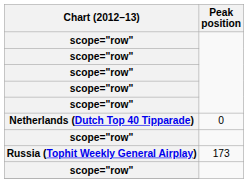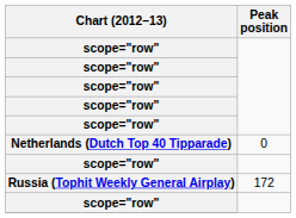 <table class="wikitable plainrowheaders sortable" style="text-align:left;">
 <tr>
 <th scope="col">Chart (2012–13)</th>
 <th scope="col">Peak<br>position</th>
 </tr>
 <tr>
 <th>scope="row"</th>
 </tr>
 <tr>
 <th>scope="row"</th>
 </tr>
 <tr>
 <th>scope="row"</th>
 </tr>
 <tr>
 <th>scope="row"</th>
 </tr>
 <tr>
 <th>scope="row"</th>
 </tr>
 <tr>
 <th scope="row">Netherlands (<a href='#'>Dutch Top 40 Tipparade</a>)</th>
 <td align=center>0</td>
 </tr>
 <tr>
 <th>scope="row"</th>
 </tr>
 <tr>
 <th scope="row">Russia (<a href='#'>Tophit Weekly General Airplay</a>)</th>
-<td style="text-align:center;">173</td>
+<td style="text-align:center;">172</td>
 </tr>
 <tr>
 <th>scope="row"</th>
 </tr>
 <tr>
 </tr>
 </table>
